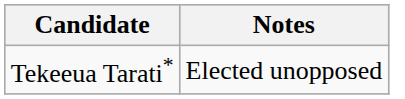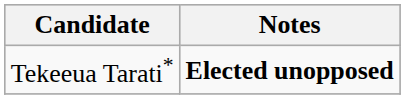 <table class=wikitable style=text-align:right>
 <tr>
 <th>Candidate</th>
 <th>Notes</th>
 </tr>
 <tr>
 <td align=left>Tekeeua Tarati<sup>*</sup></td>
-<td>Elected unopposed</td>
+<td><strong>Elected unopposed</strong></td>
 </tr>
 </table>
